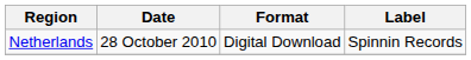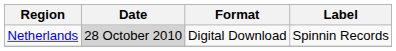 <table class=wikitable>
 <tr>
 <th>Region</th>
 <th>Date</th>
 <th>Format</th>
 <th>Label</th>
 </tr>
 <tr>
 <td><a href='#'>Netherlands</a></td>
-<td>28 October 2010</td>
+<td style="background: lightgrey;">28 October 2010</td>
 <td>Digital Download</td>
 <td>Spinnin Records</td>
 </tr>
 <tr>
 </tr>
 </table>
